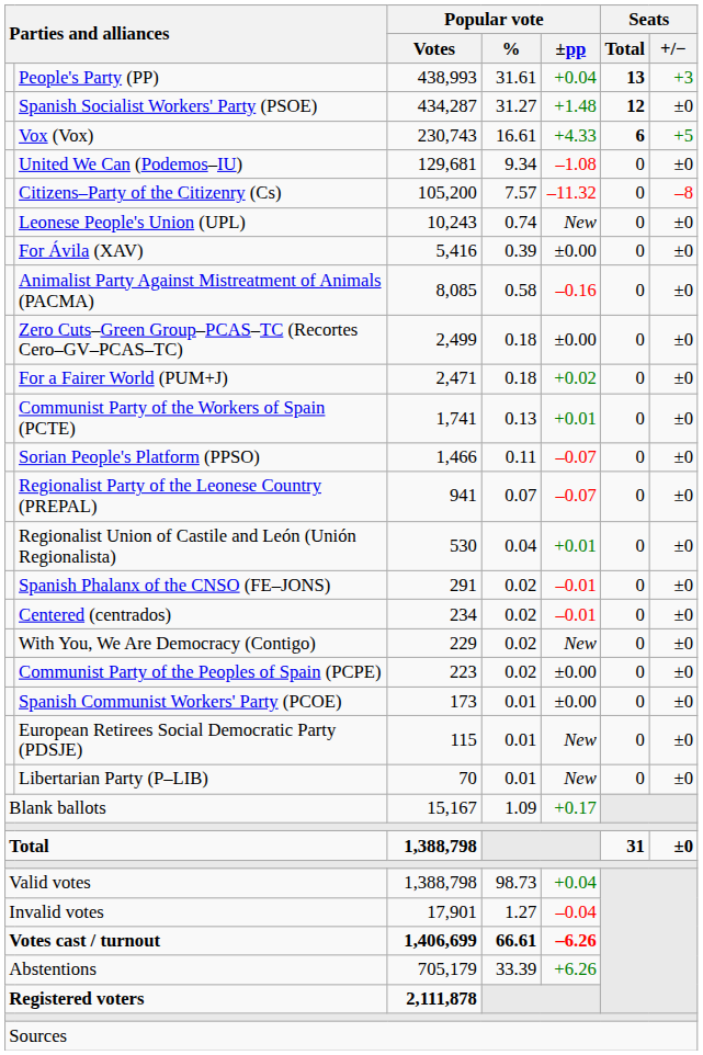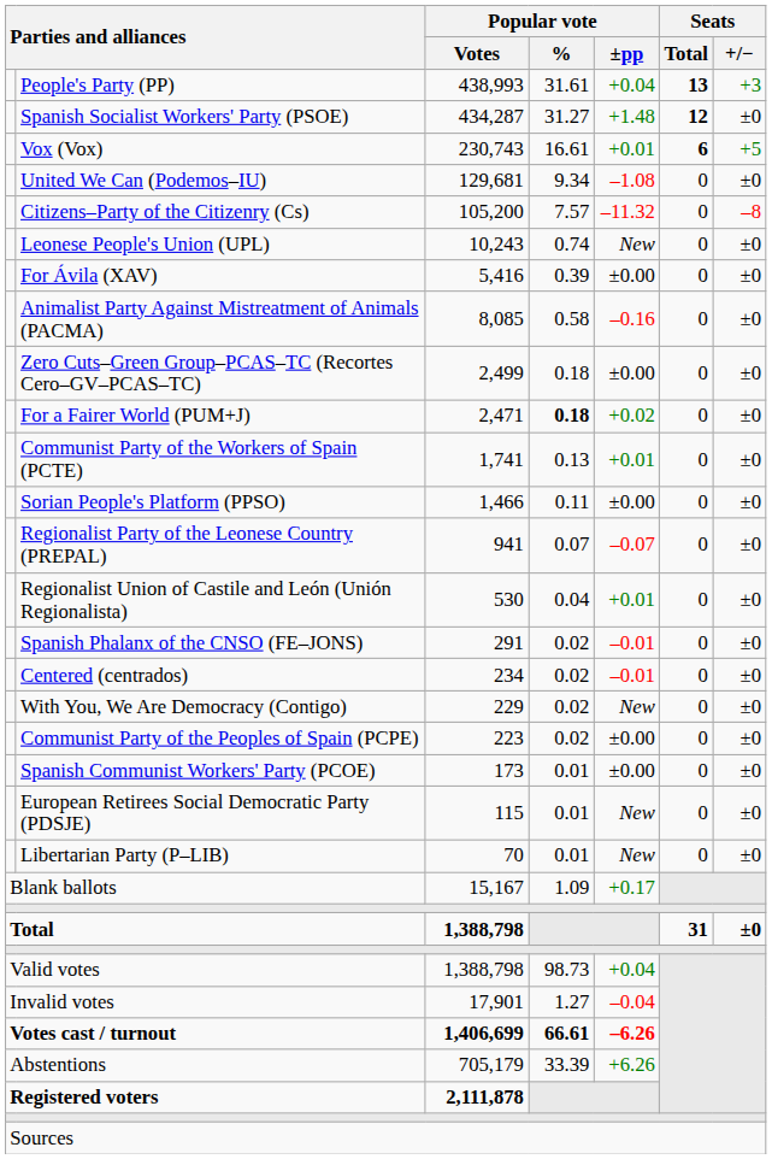 <table class="wikitable" style="text-align:right;">
 <tr>
 <th style="text-align:left;" rowspan="2" colspan="2" width="525">Parties and alliances</th>
 <th colspan="3">Popular vote</th>
 <th colspan="2">Seats</th>
 </tr>
 <tr>
 <th width="75">Votes</th>
 <th width="45">%</th>
 <th width="45">±<a href='#'>pp</a></th>
 <th width="35">Total</th>
 <th width="35">+/−</th>
 </tr>
 <tr>
 <td width="1" style="color:inherit;background:"></td>
 <td align="left"><a href='#'>People's Party</a> (PP)</td>
 <td>438,993</td>
 <td>31.61</td>
 <td style="color:green;">+0.04</td>
 <td><strong>13</strong></td>
 <td style="color:green;">+3</td>
 </tr>
 <tr>
 <td style="color:inherit;background:"></td>
 <td align="left"><a href='#'>Spanish Socialist Workers' Party</a> (PSOE)</td>
 <td>434,287</td>
 <td>31.27</td>
 <td style="color:green;">+1.48</td>
 <td><strong>12</strong></td>
 <td>±0</td>
 </tr>
 <tr>
 <td style="color:inherit;background:"></td>
 <td align="left"><a href='#'>Vox</a> (Vox)</td>
 <td>230,743</td>
 <td>16.61</td>
-<td style="color:green;">+4.33</td>
+<td style="color:green;">+0.01</td>
 <td><strong>6</strong></td>
 <td style="color:green;">+5</td>
 </tr>
 <tr>
 <td style="color:inherit;background:"></td>
 <td align="left"><a href='#'>United We Can</a> (<a href='#'>Podemos</a>–<a href='#'>IU</a>)</td>
 <td>129,681</td>
 <td>9.34</td>
 <td style="color:red;">–1.08</td>
 <td>0</td>
 <td>±0</td>
 </tr>
 <tr>
 <td style="color:inherit;background:"></td>
 <td align="left"><a href='#'>Citizens–Party of the Citizenry</a> (Cs)</td>
 <td>105,200</td>
 <td>7.57</td>
 <td style="color:red;">–11.32</td>
 <td>0</td>
 <td style="color:red;">–8</td>
 </tr>
 <tr>
 <td style="color:inherit;background:"></td>
 <td align="left"><a href='#'>Leonese People's Union</a> (UPL)</td>
 <td>10,243</td>
 <td>0.74</td>
 <td><em>New</em></td>
 <td>0</td>
 <td>±0</td>
 </tr>
 <tr>
 <td style="color:inherit;background:"></td>
 <td align="left"><a href='#'>For Ávila</a> (XAV)</td>
 <td>5,416</td>
 <td>0.39</td>
 <td>±0.00</td>
 <td>0</td>
 <td>±0</td>
 </tr>
 <tr>
 <td style="color:inherit;background:"></td>
 <td align="left"><a href='#'>Animalist Party Against Mistreatment of Animals</a> (PACMA)</td>
 <td>8,085</td>
 <td>0.58</td>
 <td style="color:red;">–0.16</td>
 <td>0</td>
 <td>±0</td>
 </tr>
 <tr>
 <td style="color:inherit;background:"></td>
 <td align="left"><a href='#'>Zero Cuts</a>–<a href='#'>Green Group</a>–<a href='#'>PCAS</a>–<a href='#'>TC</a> (Recortes Cero–GV–PCAS–TC)</td>
 <td>2,499</td>
 <td>0.18</td>
 <td>±0.00</td>
 <td>0</td>
 <td>±0</td>
 </tr>
 <tr>
 <td style="color:inherit;background:"></td>
 <td align="left"><a href='#'>For a Fairer World</a> (PUM+J)</td>
 <td>2,471</td>
-<td>0.18</td>
+<td><strong>0.18</strong></td>
 <td style="color:green;">+0.02</td>
 <td>0</td>
 <td>±0</td>
 </tr>
 <tr>
 <td style="color:inherit;background:"></td>
 <td align="left"><a href='#'>Communist Party of the Workers of Spain</a> (PCTE)</td>
 <td>1,741</td>
 <td>0.13</td>
 <td style="color:green;">+0.01</td>
 <td>0</td>
 <td>±0</td>
 </tr>
 <tr>
 <td style="color:inherit;background:"></td>
 <td align="left"><a href='#'>Sorian People's Platform</a> (PPSO)</td>
 <td>1,466</td>
 <td>0.11</td>
-<td style="color:red;">–0.07</td>
+<td>±0.00</td>
 <td>0</td>
 <td>±0</td>
 </tr>
 <tr>
 <td style="color:inherit;background:"></td>
 <td align="left"><a href='#'>Regionalist Party of the Leonese Country</a> (PREPAL)</td>
 <td>941</td>
 <td>0.07</td>
 <td style="color:red;">–0.07</td>
 <td>0</td>
 <td>±0</td>
 </tr>
 <tr>
 <td style="color:inherit;background:"></td>
 <td align="left">Regionalist Union of Castile and León (Unión Regionalista)</td>
 <td>530</td>
 <td>0.04</td>
 <td style="color:green;">+0.01</td>
 <td>0</td>
 <td>±0</td>
 </tr>
 <tr>
 <td style="color:inherit;background:"></td>
 <td align="left"><a href='#'>Spanish Phalanx of the CNSO</a> (FE–JONS)</td>
 <td>291</td>
 <td>0.02</td>
 <td style="color:red;">–0.01</td>
 <td>0</td>
 <td>±0</td>
 </tr>
 <tr>
 <td style="color:inherit;background:"></td>
 <td align="left"><a href='#'>Centered</a> (centrados)</td>
 <td>234</td>
 <td>0.02</td>
 <td style="color:red;">–0.01</td>
 <td>0</td>
 <td>±0</td>
 </tr>
 <tr>
 <td style="color:inherit;background:"></td>
 <td align="left">With You, We Are Democracy (Contigo)</td>
 <td>229</td>
 <td>0.02</td>
 <td><em>New</em></td>
 <td>0</td>
 <td>±0</td>
 </tr>
 <tr>
 <td style="color:inherit;background:"></td>
 <td align="left"><a href='#'>Communist Party of the Peoples of Spain</a> (PCPE)</td>
 <td>223</td>
 <td>0.02</td>
 <td>±0.00</td>
 <td>0</td>
 <td>±0</td>
 </tr>
 <tr>
 <td style="color:inherit;background:"></td>
 <td align="left"><a href='#'>Spanish Communist Workers' Party</a> (PCOE)</td>
 <td>173</td>
 <td>0.01</td>
 <td>±0.00</td>
 <td>0</td>
 <td>±0</td>
 </tr>
 <tr>
 <td style="color:inherit;background:"></td>
 <td align="left">European Retirees Social Democratic Party (PDSJE)</td>
 <td>115</td>
 <td>0.01</td>
 <td><em>New</em></td>
 <td>0</td>
 <td>±0</td>
 </tr>
 <tr>
 <td style="color:inherit;background:"></td>
 <td align="left">Libertarian Party (P–LIB)</td>
 <td>70</td>
 <td>0.01</td>
 <td><em>New</em></td>
 <td>0</td>
 <td>±0</td>
 </tr>
 <tr>
 <td align="left" colspan="2">Blank ballots</td>
 <td>15,167</td>
 <td>1.09</td>
 <td style="color:green;">+0.17</td>
 <td bgcolor="#E9E9E9" colspan="2"></td>
 </tr>
 <tr>
 <td colspan="7" bgcolor="#E9E9E9"></td>
 </tr>
 <tr style="font-weight:bold;">
 <td align="left" colspan="2">Total</td>
 <td>1,388,798</td>
 <td bgcolor="#E9E9E9" colspan="2"></td>
 <td>31</td>
 <td>±0</td>
 </tr>
 <tr>
 <td colspan="7" bgcolor="#E9E9E9"></td>
 </tr>
 <tr>
 <td align="left" colspan="2">Valid votes</td>
 <td>1,388,798</td>
 <td>98.73</td>
 <td style="color:green;">+0.04</td>
 <td bgcolor="#E9E9E9" colspan="2" rowspan="5"></td>
 </tr>
 <tr>
 <td align="left" colspan="2">Invalid votes</td>
 <td>17,901</td>
 <td>1.27</td>
 <td style="color:red;">–0.04</td>
 </tr>
 <tr style="font-weight:bold;">
 <td align="left" colspan="2">Votes cast / turnout</td>
 <td>1,406,699</td>
 <td>66.61</td>
 <td style="color:red;">–6.26</td>
 </tr>
 <tr>
 <td align="left" colspan="2">Abstentions</td>
 <td>705,179</td>
 <td>33.39</td>
 <td style="color:green;">+6.26</td>
 </tr>
 <tr style="font-weight:bold;">
 <td align="left" colspan="2">Registered voters</td>
 <td>2,111,878</td>
 <td bgcolor="#E9E9E9" colspan="2"></td>
 </tr>
 <tr>
 <td colspan="7" bgcolor="#E9E9E9"></td>
 </tr>
 <tr>
 <td align="left" colspan="7">Sources</td>
 </tr>
 </table>
